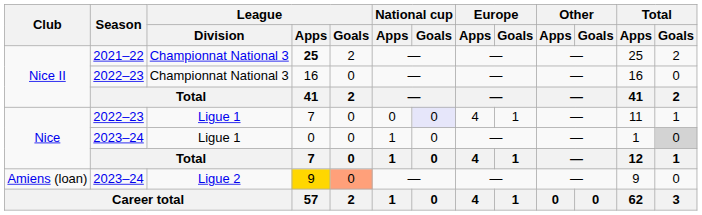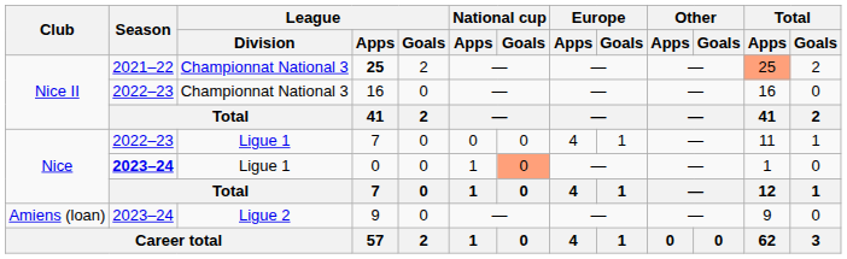 <table class="wikitable" style="text-align:center">
 <tr>
 <th rowspan="2">Club</th>
 <th rowspan="2">Season</th>
 <th colspan="3">League</th>
 <th colspan="2">National cup</th>
 <th colspan="2">Europe</th>
 <th colspan="2">Other</th>
 <th colspan="2">Total</th>
 </tr>
 <tr>
 <th>Division</th>
 <th>Apps</th>
 <th>Goals</th>
 <th>Apps</th>
 <th>Goals</th>
 <th>Apps</th>
 <th>Goals</th>
 <th>Apps</th>
 <th>Goals</th>
 <th>Apps</th>
 <th>Goals</th>
 </tr>
 <tr>
 <td rowspan="3"><a href='#'>Nice II</a></td>
 <td><a href='#'>2021–22</a></td>
 <td><a href='#'>Championnat National 3</a></td>
 <td><strong>25</strong></td>
 <td>2</td>
 <td colspan="2">—</td>
 <td colspan="2">—</td>
 <td colspan="2">—</td>
-<td>25</td>
+<td style="background: lightsalmon;">25</td>
 <td>2</td>
 </tr>
 <tr>
 <td><a href='#'>2022–23</a></td>
 <td>Championnat National 3</td>
 <td>16</td>
 <td>0</td>
 <td colspan="2">—</td>
 <td colspan="2">—</td>
 <td colspan="2">—</td>
 <td>16</td>
 <td>0</td>
 </tr>
 <tr>
 <th colspan="2">Total</th>
 <th>41</th>
 <th>2</th>
 <th colspan="2">—</th>
 <th colspan="2">—</th>
 <th colspan="2">—</th>
 <th>41</th>
 <th>2</th>
 </tr>
 <tr>
 <td rowspan="3"><a href='#'>Nice</a></td>
 <td><a href='#'>2022–23</a></td>
 <td><a href='#'>Ligue 1</a></td>
 <td>7</td>
 <td>0</td>
 <td>0</td>
-<td style="background: lavender;">0</td>
+<td>0</td>
 <td>4</td>
 <td>1</td>
 <td colspan="2">—</td>
 <td>11</td>
 <td>1</td>
 </tr>
 <tr>
-<td><a href='#'>2023–24</a></td>
+<td><strong><a href='#'>2023–24</a></strong></td>
 <td>Ligue 1</td>
 <td>0</td>
 <td>0</td>
 <td>1</td>
-<td>0</td>
+<td style="background: lightsalmon;">0</td>
 <td colspan="2">—</td>
 <td colspan="2">—</td>
 <td>1</td>
-<td style="background: lightgrey;">0</td>
+<td>0</td>
 </tr>
 <tr>
 <th colspan="2">Total</th>
 <th>7</th>
 <th>0</th>
 <th>1</th>
 <th>0</th>
 <th>4</th>
 <th>1</th>
 <th colspan="2">—</th>
 <th>12</th>
 <th>1</th>
 </tr>
 <tr>
 <td><a href='#'>Amiens</a> (loan)</td>
 <td><a href='#'>2023–24</a></td>
 <td><a href='#'>Ligue 2</a></td>
-<td style="background: gold;">9</td>
-<td style="background: lightsalmon;">0</td>
+<td>9</td>
+<td>0</td>
 <td colspan="2">—</td>
 <td colspan="2">—</td>
 <td colspan="2">—</td>
 <td>9</td>
 <td>0</td>
 </tr>
 <tr>
 <th colspan="3">Career total</th>
 <th>57</th>
 <th>2</th>
 <th>1</th>
 <th>0</th>
 <th>4</th>
 <th>1</th>
 <th>0</th>
 <th>0</th>
 <th>62</th>
 <th>3</th>
 </tr>
 </table>
